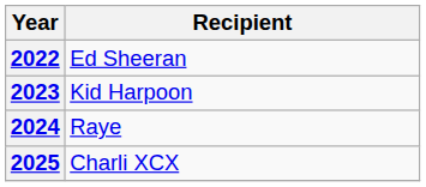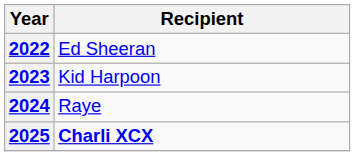 <table class="wikitable sortable">
 <tr>
 <th>Year</th>
 <th width=250px>Recipient</th>
 </tr>
 <tr>
 <th><a href='#'> 2022</a></th>
 <td><a href='#'>Ed Sheeran</a></td>
 </tr>
 <tr>
 <th><a href='#'> 2023</a></th>
 <td><a href='#'>Kid Harpoon</a></td>
 </tr>
 <tr>
 <th><a href='#'> 2024</a></th>
 <td><a href='#'>Raye</a></td>
 </tr>
 <tr>
 <th><a href='#'> 2025</a></th>
-<td><a href='#'>Charli XCX</a></td>
+<td><strong><a href='#'>Charli XCX</a></strong></td>
 </tr>
 <tr>
 </tr>
 </table>
